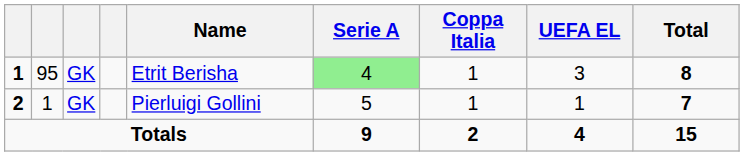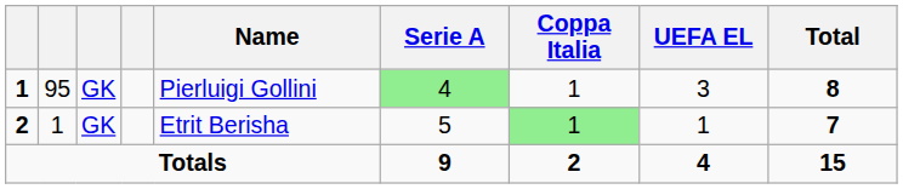 <table class="wikitable" style="text-align:center">
 <tr>
 <th width=15></th>
 <th width=15></th>
 <th width=15></th>
 <th width=15></th>
 <th width=145>Name</th>
 <th width=80><strong><a href='#'>Serie A</a></strong></th>
 <th width=80><strong><a href='#'>Coppa Italia</a></strong></th>
 <th width=80><strong><a href='#'>UEFA EL</a></strong></th>
 <th width=80>Total</th>
 </tr>
 <tr>
 <td><strong>1</strong></td>
 <td>95</td>
 <td><a href='#'>GK</a></td>
 <td></td>
-<td align=left><a href='#'>Etrit Berisha</a></td>
+<td align=left><a href='#'>Pierluigi Gollini</a></td>
 <td style="background: lightgreen;">4</td>
 <td>1</td>
 <td>3</td>
 <td><strong>8</strong></td>
 </tr>
 <tr>
 <td><strong>2</strong></td>
 <td>1</td>
 <td><a href='#'>GK</a></td>
 <td></td>
-<td align=left><a href='#'>Pierluigi Gollini</a></td>
+<td align=left><a href='#'>Etrit Berisha</a></td>
 <td>5</td>
-<td>1</td>
+<td style="background: lightgreen;">1</td>
 <td>1</td>
 <td><strong>7</strong></td>
 </tr>
 <tr>
 <td colspan=5><strong>Totals</strong></td>
 <td><strong>9</strong></td>
 <td><strong>2</strong></td>
 <td><strong>4</strong></td>
 <td><strong>15</strong></td>
 </tr>
 </table>
